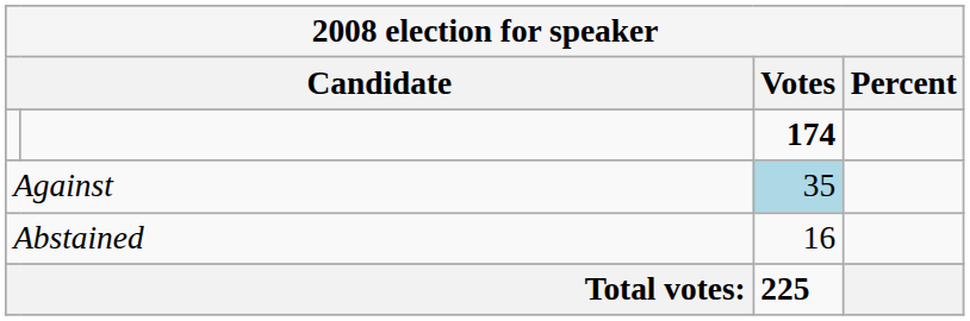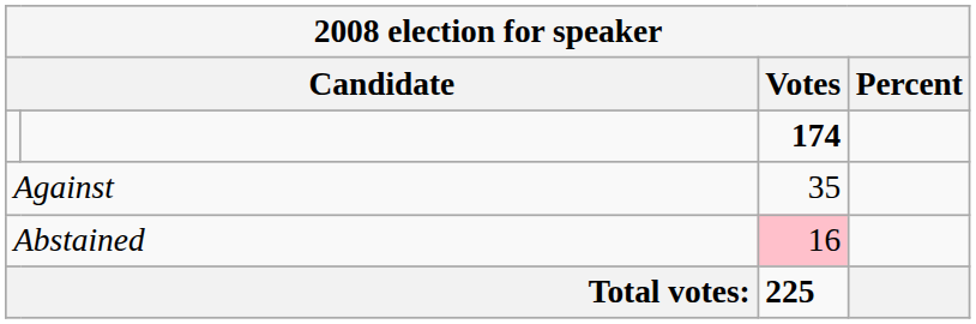 <table class="wikitable">
 <tr>
 <th colspan=4 style="background:#f5f5f5">2008 election for speaker </th>
 </tr>
 <tr>
 <th colspan=2>Candidate</th>
 <th>Votes</th>
 <th>Percent</th>
 </tr>
 <tr>
 <td style="background-color: "></td>
 <td style="width: 22em;"></td>
 <td style="text-align:right"><strong>174</strong></td>
 <td style="text-align:right"><strong></strong></td>
 </tr>
 <tr>
 <td colspan=2><em>Against</em></td>
-<td style="background: lightblue; text-align:right">35</td>
+<td style="text-align:right">35</td>
 <td style="text-align:right"></td>
 </tr>
 <tr>
 <td colspan=2><em>Abstained</em></td>
-<td style="text-align:right">16</td>
+<td style="background: pink; text-align:right">16</td>
 <td style="text-align:right"></td>
 </tr>
 <tr>
 <th colspan=2 style="text-align:right">Total votes:</th>
 <td><strong>225</strong></td>
 <th></th>
 </tr>
 </table>
